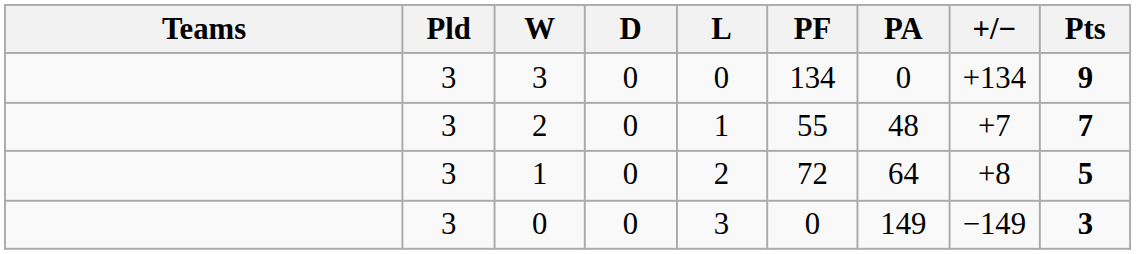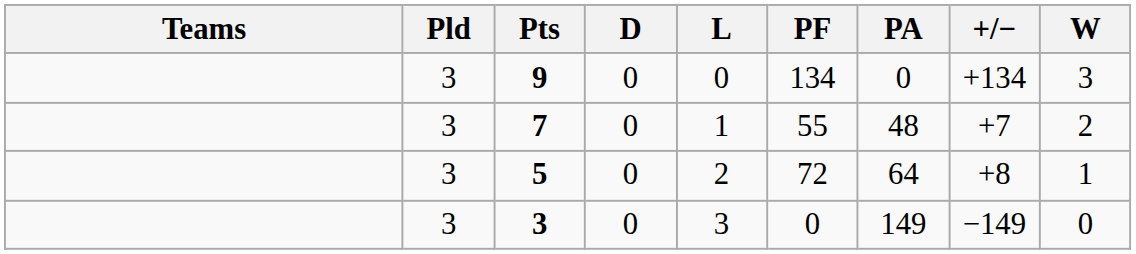 <table class="wikitable" style="text-align:center;">
 <tr>
 <th width="200">Teams</th>
 <th width="40">Pld</th>
-<th width="40">W</th>
+<th width="40">Pts</th>
 <th width="40">D</th>
 <th width="40">L</th>
 <th width="40">PF</th>
 <th width="40">PA</th>
 <th width="40">+/−</th>
-<th width="40">Pts</th>
+<th width="40">W</th>
 </tr>
 <tr>
 <td align=left></td>
 <td>3</td>
-<td>3</td>
+<td><strong>9</strong></td>
 <td>0</td>
 <td>0</td>
 <td>134</td>
 <td>0</td>
 <td>+134</td>
-<td><strong>9</strong></td>
+<td>3</td>
 </tr>
 <tr>
 <td align=left></td>
 <td>3</td>
-<td>2</td>
+<td><strong>7</strong></td>
 <td>0</td>
 <td>1</td>
 <td>55</td>
 <td>48</td>
 <td>+7</td>
-<td><strong>7</strong></td>
+<td>2</td>
 </tr>
 <tr>
 <td align=left></td>
 <td>3</td>
-<td>1</td>
+<td><strong>5</strong></td>
 <td>0</td>
 <td>2</td>
 <td>72</td>
 <td>64</td>
 <td>+8</td>
-<td><strong>5</strong></td>
+<td>1</td>
 </tr>
 <tr>
 <td align=left></td>
 <td>3</td>
-<td>0</td>
+<td><strong>3</strong></td>
 <td>0</td>
 <td>3</td>
 <td>0</td>
 <td>149</td>
 <td>−149</td>
-<td><strong>3</strong></td>
+<td>0</td>
 </tr>
 </table>
